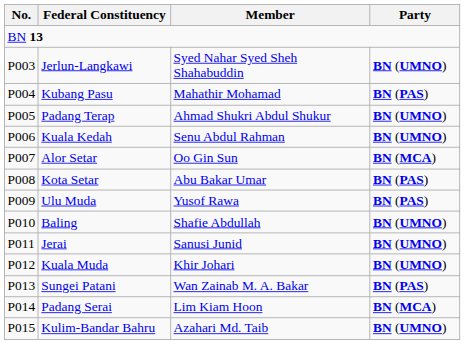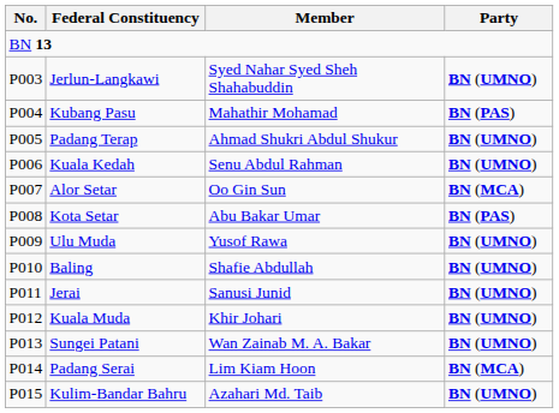 <table class="wikitable sortable">
 <tr>
 <th style="width:30px;">No.</th>
 <th style="width:150px;">Federal Constituency</th>
 <th style="width:230px;">Member</th>
 <th style="width:100px;">Party</th>
 </tr>
 <tr>
 <td colspan="4"><a href='#'>BN</a> <strong>13</strong></td>
 </tr>
 <tr>
 <td>P003</td>
 <td><a href='#'>Jerlun-Langkawi</a></td>
 <td><a href='#'>Syed Nahar Syed Sheh Shahabuddin</a></td>
 <td><strong><a href='#'>BN</a></strong> (<strong><a href='#'>UMNO</a></strong>)</td>
 </tr>
 <tr>
 <td>P004</td>
 <td><a href='#'>Kubang Pasu</a></td>
 <td><a href='#'>Mahathir Mohamad</a></td>
 <td><strong><a href='#'>BN</a></strong> (<strong><a href='#'>PAS</a></strong>)</td>
 </tr>
 <tr>
 <td>P005</td>
 <td><a href='#'>Padang Terap</a></td>
 <td><a href='#'>Ahmad Shukri Abdul Shukur</a></td>
 <td><strong><a href='#'>BN</a></strong> (<strong><a href='#'>UMNO</a></strong>)</td>
 </tr>
 <tr>
 <td>P006</td>
 <td><a href='#'>Kuala Kedah</a></td>
 <td><a href='#'>Senu Abdul Rahman</a></td>
 <td><strong><a href='#'>BN</a></strong> (<strong><a href='#'>UMNO</a></strong>)</td>
 </tr>
 <tr>
 <td>P007</td>
 <td><a href='#'>Alor Setar</a></td>
 <td><a href='#'>Oo Gin Sun</a></td>
 <td><strong><a href='#'>BN</a></strong> (<strong><a href='#'>MCA</a></strong>)</td>
 </tr>
 <tr>
 <td>P008</td>
 <td><a href='#'>Kota Setar</a></td>
 <td><a href='#'>Abu Bakar Umar</a></td>
 <td><strong><a href='#'>BN</a></strong> (<strong><a href='#'>PAS</a></strong>)</td>
 </tr>
 <tr>
 <td>P009</td>
 <td><a href='#'>Ulu Muda</a></td>
 <td><a href='#'>Yusof Rawa</a></td>
-<td><strong><a href='#'>BN</a></strong> (<strong><a href='#'>PAS</a></strong>)</td>
+<td><strong><a href='#'>BN</a></strong> (<strong><a href='#'>UMNO</a></strong>)</td>
 </tr>
 <tr>
 <td>P010</td>
 <td><a href='#'>Baling</a></td>
 <td><a href='#'>Shafie Abdullah</a></td>
 <td><strong><a href='#'>BN</a></strong> (<strong><a href='#'>UMNO</a></strong>)</td>
 </tr>
 <tr>
 <td>P011</td>
 <td><a href='#'>Jerai</a></td>
 <td><a href='#'>Sanusi Junid</a></td>
 <td><strong><a href='#'>BN</a></strong> (<strong><a href='#'>UMNO</a></strong>)</td>
 </tr>
 <tr>
 <td>P012</td>
 <td><a href='#'>Kuala Muda</a></td>
 <td><a href='#'>Khir Johari</a></td>
 <td><strong><a href='#'>BN</a></strong> (<strong><a href='#'>UMNO</a></strong>)</td>
 </tr>
 <tr>
 <td>P013</td>
 <td><a href='#'>Sungei Patani</a></td>
 <td><a href='#'>Wan Zainab M. A. Bakar</a></td>
-<td><strong><a href='#'>BN</a></strong> (<strong><a href='#'>PAS</a></strong>)</td>
+<td><strong><a href='#'>BN</a></strong> (<strong><a href='#'>UMNO</a></strong>)</td>
 </tr>
 <tr>
 <td>P014</td>
 <td><a href='#'>Padang Serai</a></td>
 <td><a href='#'>Lim Kiam Hoon</a></td>
 <td><strong><a href='#'>BN</a></strong> (<strong><a href='#'>MCA</a></strong>)</td>
 </tr>
 <tr>
 <td>P015</td>
 <td><a href='#'>Kulim-Bandar Bahru</a></td>
 <td><a href='#'>Azahari Md. Taib</a></td>
 <td><strong><a href='#'>BN</a></strong> (<strong><a href='#'>UMNO</a></strong>)</td>
 </tr>
 </table>
